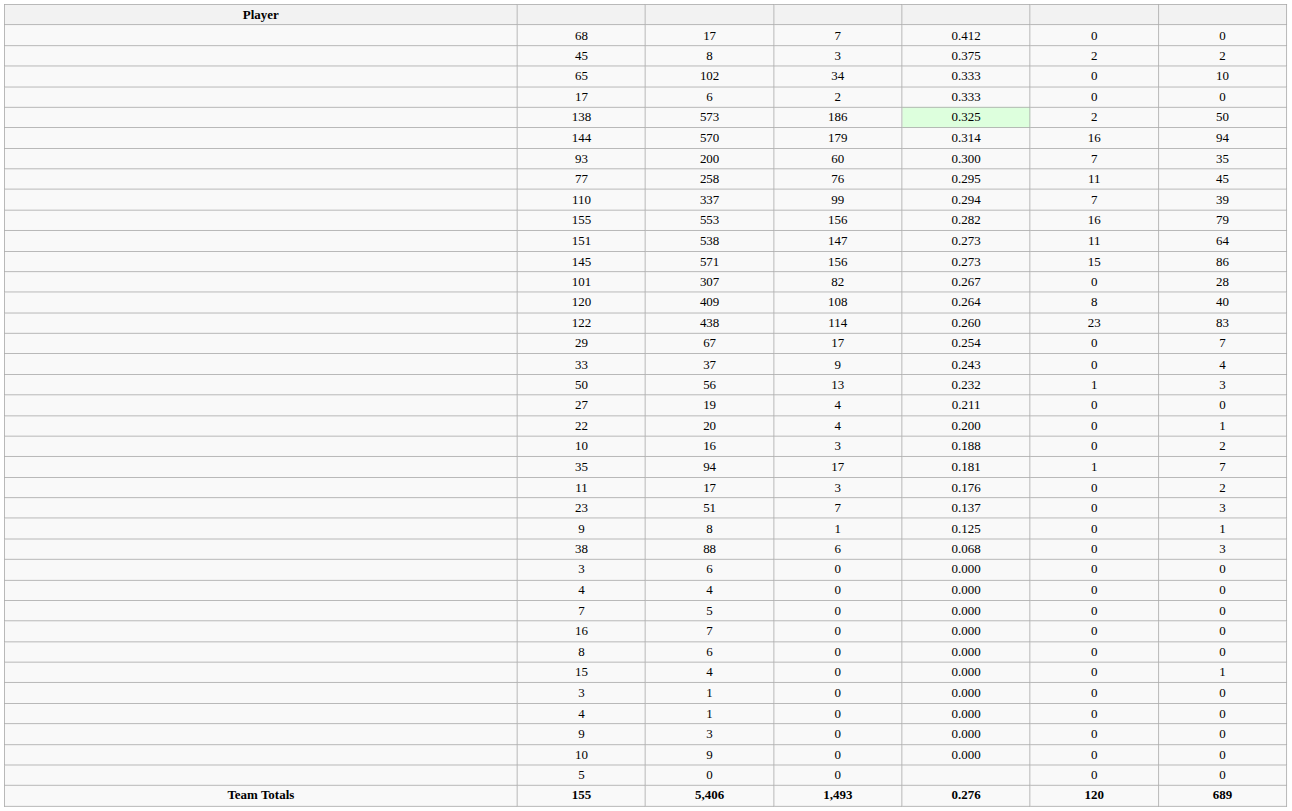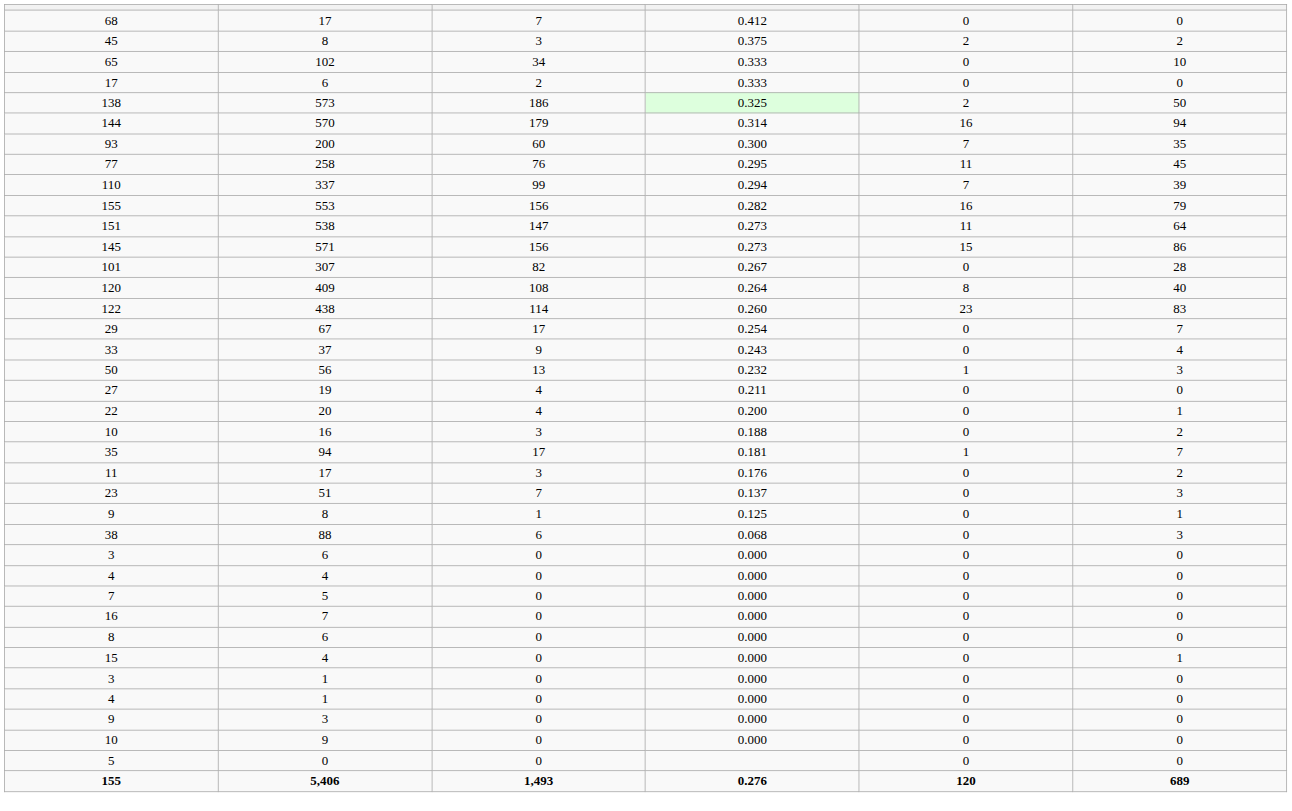 <table class="wikitable sortable" style="text-align:center;" width="100%">
 <tr>
-<th width="40%">Player</th>
 <th width="10%"></th>
 <th width="10%"></th>
 <th width="10%"></th>
 <th width="10%"></th>
 <th width="10%"></th>
 <th width="10%"></th>
 </tr>
 <tr>
-<td></td>
 <td>68</td>
 <td>17</td>
 <td>7</td>
 <td>0.412</td>
 <td>0</td>
 <td>0</td>
 </tr>
 <tr>
-<td></td>
 <td>45</td>
 <td>8</td>
 <td>3</td>
 <td>0.375</td>
 <td>2</td>
 <td>2</td>
 </tr>
 <tr>
-<td></td>
 <td>65</td>
 <td>102</td>
 <td>34</td>
 <td>0.333</td>
 <td>0</td>
 <td>10</td>
 </tr>
 <tr>
-<td></td>
 <td>17</td>
 <td>6</td>
 <td>2</td>
 <td>0.333</td>
 <td>0</td>
 <td>0</td>
 </tr>
 <tr>
-<td></td>
 <td>138</td>
 <td>573</td>
 <td>186</td>
 <td style="background:#DDFFDD;">0.325</td>
 <td>2</td>
 <td>50</td>
 </tr>
 <tr>
-<td></td>
 <td>144</td>
 <td>570</td>
 <td>179</td>
 <td>0.314</td>
 <td>16</td>
 <td>94</td>
 </tr>
 <tr>
-<td></td>
 <td>93</td>
 <td>200</td>
 <td>60</td>
 <td>0.300</td>
 <td>7</td>
 <td>35</td>
 </tr>
 <tr>
-<td></td>
 <td>77</td>
 <td>258</td>
 <td>76</td>
 <td>0.295</td>
 <td>11</td>
 <td>45</td>
 </tr>
 <tr>
-<td></td>
 <td>110</td>
 <td>337</td>
 <td>99</td>
 <td>0.294</td>
 <td>7</td>
 <td>39</td>
 </tr>
 <tr>
-<td></td>
 <td>155</td>
 <td>553</td>
 <td>156</td>
 <td>0.282</td>
 <td>16</td>
 <td>79</td>
 </tr>
 <tr>
-<td></td>
 <td>151</td>
 <td>538</td>
 <td>147</td>
 <td>0.273</td>
 <td>11</td>
 <td>64</td>
 </tr>
 <tr>
-<td></td>
 <td>145</td>
 <td>571</td>
 <td>156</td>
 <td>0.273</td>
 <td>15</td>
 <td>86</td>
 </tr>
 <tr>
-<td></td>
 <td>101</td>
 <td>307</td>
 <td>82</td>
 <td>0.267</td>
 <td>0</td>
 <td>28</td>
 </tr>
 <tr>
-<td></td>
 <td>120</td>
 <td>409</td>
 <td>108</td>
 <td>0.264</td>
 <td>8</td>
 <td>40</td>
 </tr>
 <tr>
-<td></td>
 <td>122</td>
 <td>438</td>
 <td>114</td>
 <td>0.260</td>
 <td>23</td>
 <td>83</td>
 </tr>
 <tr>
-<td></td>
 <td>29</td>
 <td>67</td>
 <td>17</td>
 <td>0.254</td>
 <td>0</td>
 <td>7</td>
 </tr>
 <tr>
-<td></td>
 <td>33</td>
 <td>37</td>
 <td>9</td>
 <td>0.243</td>
 <td>0</td>
 <td>4</td>
 </tr>
 <tr>
-<td></td>
 <td>50</td>
 <td>56</td>
 <td>13</td>
 <td>0.232</td>
 <td>1</td>
 <td>3</td>
 </tr>
 <tr>
-<td></td>
 <td>27</td>
 <td>19</td>
 <td>4</td>
 <td>0.211</td>
 <td>0</td>
 <td>0</td>
 </tr>
 <tr>
-<td></td>
 <td>22</td>
 <td>20</td>
 <td>4</td>
 <td>0.200</td>
 <td>0</td>
 <td>1</td>
 </tr>
 <tr>
-<td></td>
 <td>10</td>
 <td>16</td>
 <td>3</td>
 <td>0.188</td>
 <td>0</td>
 <td>2</td>
 </tr>
 <tr>
-<td></td>
 <td>35</td>
 <td>94</td>
 <td>17</td>
 <td>0.181</td>
 <td>1</td>
 <td>7</td>
 </tr>
 <tr>
-<td></td>
 <td>11</td>
 <td>17</td>
 <td>3</td>
 <td>0.176</td>
 <td>0</td>
 <td>2</td>
 </tr>
 <tr>
-<td></td>
 <td>23</td>
 <td>51</td>
 <td>7</td>
 <td>0.137</td>
 <td>0</td>
 <td>3</td>
 </tr>
 <tr>
-<td></td>
 <td>9</td>
 <td>8</td>
 <td>1</td>
 <td>0.125</td>
 <td>0</td>
 <td>1</td>
 </tr>
 <tr>
-<td></td>
 <td>38</td>
 <td>88</td>
 <td>6</td>
 <td>0.068</td>
 <td>0</td>
 <td>3</td>
 </tr>
 <tr>
-<td></td>
 <td>3</td>
 <td>6</td>
 <td>0</td>
 <td>0.000</td>
 <td>0</td>
 <td>0</td>
 </tr>
 <tr>
-<td></td>
 <td>4</td>
 <td>4</td>
 <td>0</td>
 <td>0.000</td>
 <td>0</td>
 <td>0</td>
 </tr>
 <tr>
-<td></td>
 <td>7</td>
 <td>5</td>
 <td>0</td>
 <td>0.000</td>
 <td>0</td>
 <td>0</td>
 </tr>
 <tr>
-<td></td>
 <td>16</td>
 <td>7</td>
 <td>0</td>
 <td>0.000</td>
 <td>0</td>
 <td>0</td>
 </tr>
 <tr>
-<td></td>
 <td>8</td>
 <td>6</td>
 <td>0</td>
 <td>0.000</td>
 <td>0</td>
 <td>0</td>
 </tr>
 <tr>
-<td></td>
 <td>15</td>
 <td>4</td>
 <td>0</td>
 <td>0.000</td>
 <td>0</td>
 <td>1</td>
 </tr>
 <tr>
-<td></td>
 <td>3</td>
 <td>1</td>
 <td>0</td>
 <td>0.000</td>
 <td>0</td>
 <td>0</td>
 </tr>
 <tr>
-<td></td>
 <td>4</td>
 <td>1</td>
 <td>0</td>
 <td>0.000</td>
 <td>0</td>
 <td>0</td>
 </tr>
 <tr>
-<td></td>
 <td>9</td>
 <td>3</td>
 <td>0</td>
 <td>0.000</td>
 <td>0</td>
 <td>0</td>
 </tr>
 <tr>
-<td></td>
 <td>10</td>
 <td>9</td>
 <td>0</td>
 <td>0.000</td>
 <td>0</td>
 <td>0</td>
 </tr>
 <tr>
-<td></td>
 <td>5</td>
 <td>0</td>
 <td>0</td>
 <td></td>
 <td>0</td>
 <td>0</td>
 </tr>
 <tr>
-<td><strong>Team Totals</strong></td>
 <td><strong>155</strong></td>
 <td><strong>5,406</strong></td>
 <td><strong>1,493</strong></td>
 <td><strong>0.276</strong></td>
 <td><strong>120</strong></td>
 <td><strong>689</strong></td>
 </tr>
 </table>
